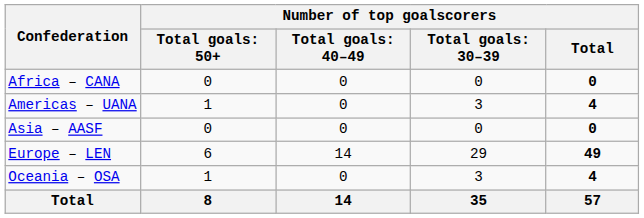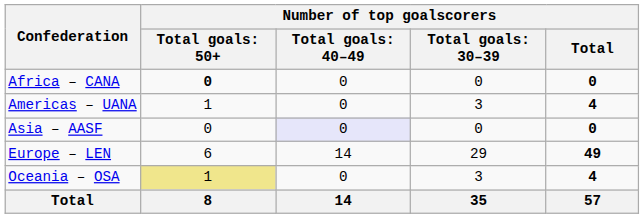 <table class="wikitable sortable" style="text-align: center; font-size: 90%; margin-left: 1em;">
 <tr>
 <th rowspan="2">Confederation</th>
 <th colspan="4">Number of top goalscorers</th>
 </tr>
 <tr>
 <th style="width: 9em;">Total goals: 50+</th>
 <th style="width: 9em;">Total goals: 40–49</th>
 <th style="width: 9em;">Total goals: 30–39</th>
 <th style="width: 6em;">Total</th>
 </tr>
 <tr>
 <td style="text-align: left;"><a href='#'>Africa</a> – <a href='#'>CANA</a></td>
-<td>0</td>
+<td><strong>0</strong></td>
 <td>0</td>
 <td>0</td>
 <td><strong>0</strong></td>
 </tr>
 <tr>
 <td style="text-align: left;"><a href='#'>Americas</a> – <a href='#'>UANA</a></td>
 <td>1</td>
 <td>0</td>
 <td>3</td>
 <td><strong>4</strong></td>
 </tr>
 <tr>
 <td style="text-align: left;"><a href='#'>Asia</a> – <a href='#'>AASF</a></td>
 <td>0</td>
-<td>0</td>
+<td style="background: lavender;">0</td>
 <td>0</td>
 <td><strong>0</strong></td>
 </tr>
 <tr>
 <td style="text-align: left;"><a href='#'>Europe</a> – <a href='#'>LEN</a></td>
 <td>6</td>
 <td>14</td>
 <td>29</td>
 <td><strong>49</strong></td>
 </tr>
 <tr>
 <td style="text-align: left;"><a href='#'>Oceania</a> – <a href='#'>OSA</a></td>
-<td>1</td>
+<td style="background: khaki;">1</td>
 <td>0</td>
 <td>3</td>
 <td><strong>4</strong></td>
 </tr>
 <tr>
 <th>Total</th>
 <th>8</th>
 <th>14</th>
 <th>35</th>
 <th>57</th>
 </tr>
 </table>
